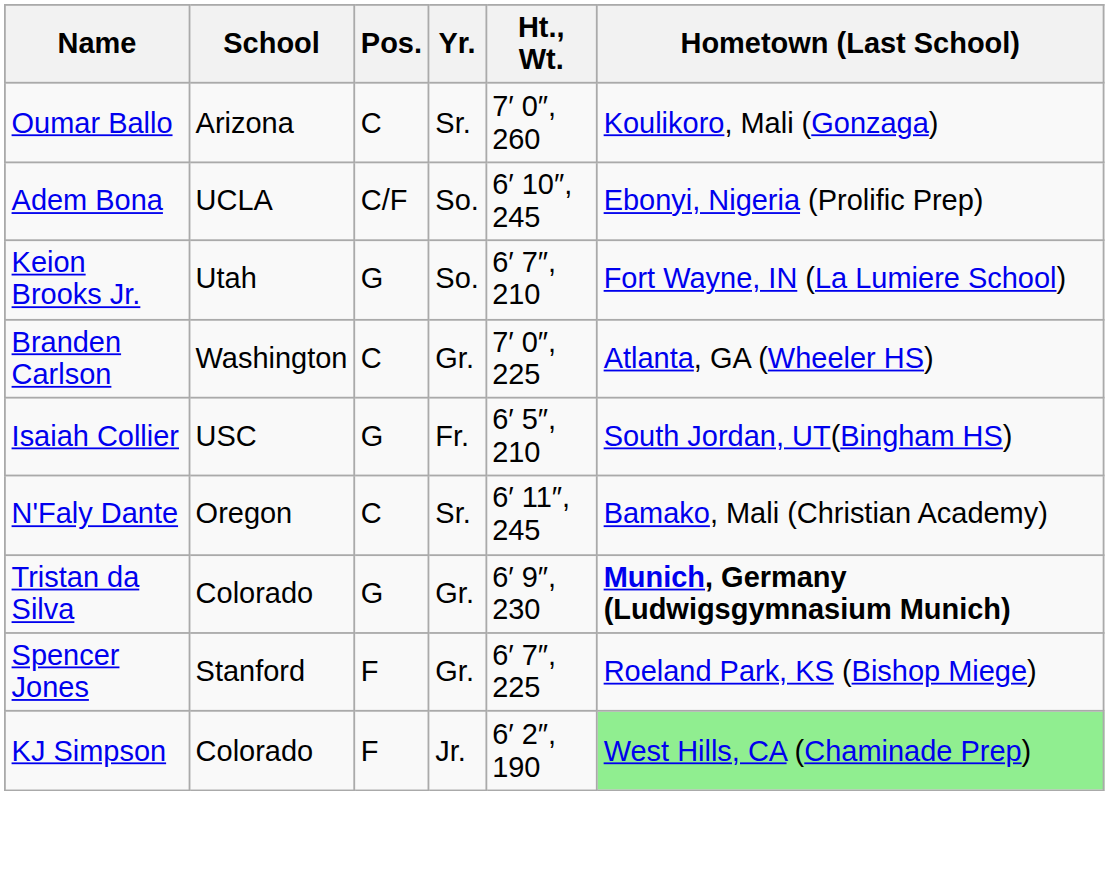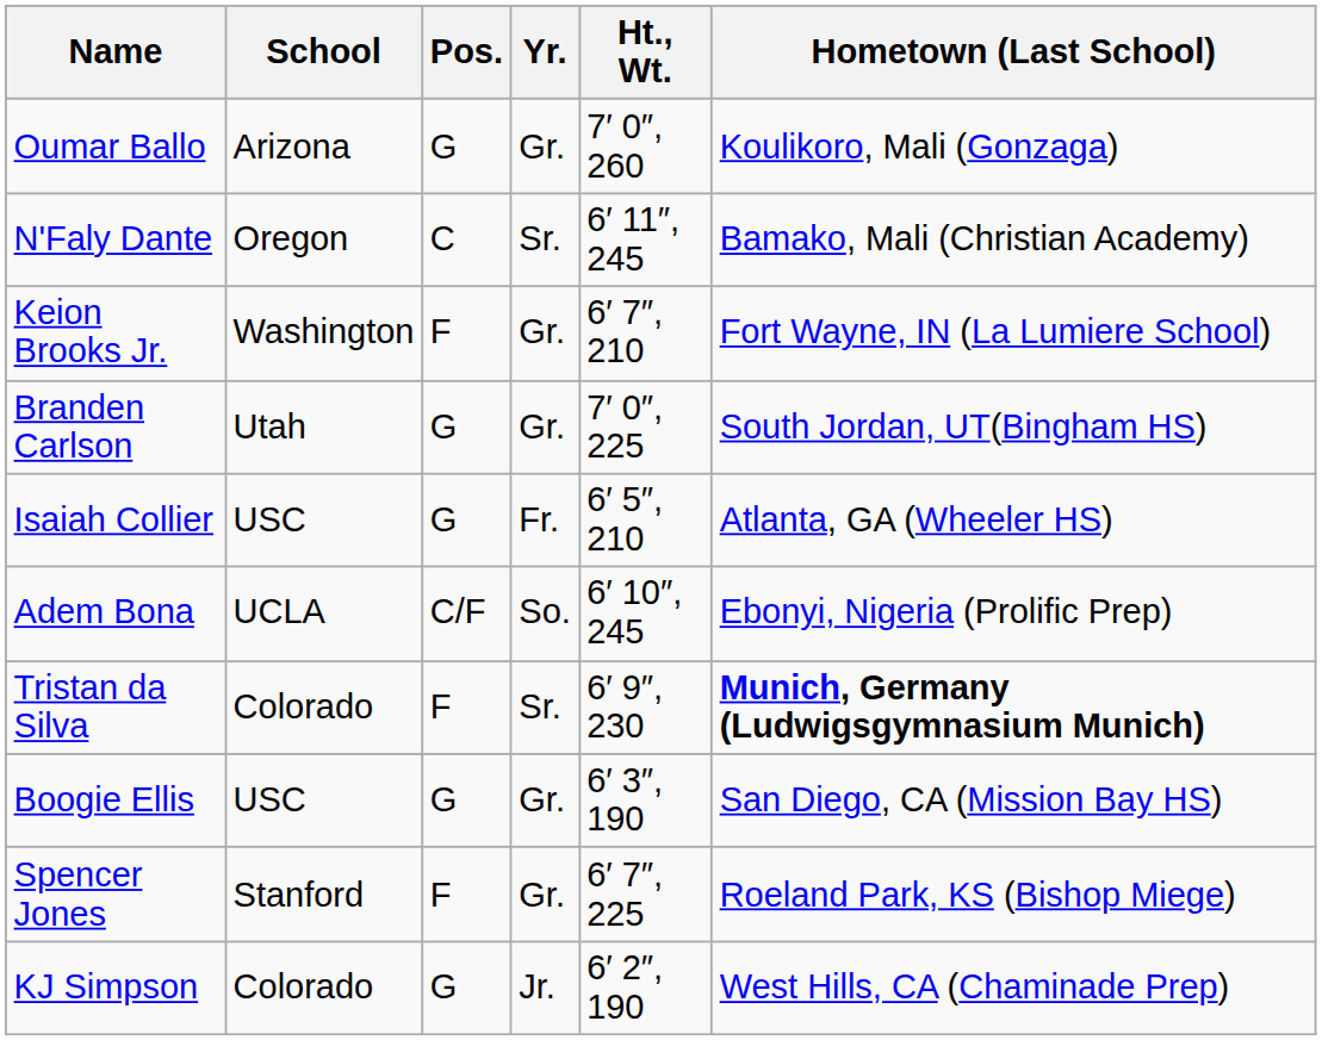 <table class="wikitable">
 <tr>
 <th>Name</th>
 <th>School</th>
 <th>Pos.</th>
 <th>Yr.</th>
 <th>Ht., Wt.</th>
 <th>Hometown (Last School)</th>
 </tr>
 <tr>
 <td><a href='#'>Oumar Ballo</a></td>
 <td>Arizona</td>
-<td>C</td>
-<td> Sr.</td>
+<td>G</td>
+<td>Gr.</td>
 <td>7′ 0″, 260</td>
 <td><a href='#'>Koulikoro</a>, Mali (<a href='#'>Gonzaga</a>)</td>
+</tr>
+<tr>
+<td><a href='#'>N'Faly Dante</a></td>
+<td>Oregon</td>
+<td>C</td>
+<td>Sr.</td>
+<td>6′ 11″, 245</td>
+<td><a href='#'>Bamako</a>, Mali (Christian Academy)</td>
+</tr>
+<tr>
+<td><a href='#'>Keion Brooks Jr.</a></td>
+<td>Washington</td>
+<td>F</td>
+<td>Gr.</td>
+<td>6′ 7″, 210</td>
+<td><a href='#'>Fort Wayne, IN</a> (<a href='#'>La Lumiere School</a>)</td>
+</tr>
+<tr>
+<td><a href='#'>Branden Carlson</a></td>
+<td style=>Utah</td>
+<td>G</td>
+<td>Gr.</td>
+<td>7′ 0″, 225</td>
+<td><a href='#'>South Jordan, UT</a>(<a href='#'>Bingham HS</a>)</td>
+</tr>
+<tr>
+<td><a href='#'>Isaiah Collier</a></td>
+<td>USC</td>
+<td>G</td>
+<td>Fr.</td>
+<td>6′ 5″, 210</td>
+<td><a href='#'>Atlanta</a>, GA (<a href='#'>Wheeler HS</a>)</td>
 </tr>
 <tr>
 <td><a href='#'>Adem Bona</a></td>
 <td>UCLA</td>
 <td>C/F</td>
 <td>So.</td>
 <td>6′ 10″, 245</td>
 <td><a href='#'>Ebonyi, Nigeria</a> (Prolific Prep)</td>
 </tr>
 <tr>
-<td><a href='#'>Keion Brooks Jr.</a></td>
-<td style=>Utah</td>
-<td>G</td>
-<td>So.</td>
-<td>6′ 7″, 210</td>
-<td><a href='#'>Fort Wayne, IN</a> (<a href='#'>La Lumiere School</a>)</td>
+<td><a href='#'>Tristan da Silva</a></td>
+<td>Colorado</td>
+<td>F</td>
+<td>Sr.</td>
+<td>6′ 9″, 230</td>
+<td><strong><a href='#'>Munich</a>, Germany (Ludwigsgymnasium Munich)</strong></td>
 </tr>
 <tr>
-<td><a href='#'>Branden Carlson</a></td>
-<td>Washington</td>
-<td>C</td>
-<td>Gr.</td>
-<td>7′ 0″, 225</td>
-<td><a href='#'>Atlanta</a>, GA (<a href='#'>Wheeler HS</a>)</td>
-</tr>
-<tr>
-<td><a href='#'>Isaiah Collier</a></td>
+<td><a href='#'>Boogie Ellis</a></td>
 <td>USC</td>
 <td>G</td>
-<td>Fr.</td>
-<td>6′ 5″, 210</td>
-<td><a href='#'>South Jordan, UT</a>(<a href='#'>Bingham HS</a>)</td>
-</tr>
-<tr>
-<td><a href='#'>N'Faly Dante</a></td>
-<td>Oregon</td>
-<td>C</td>
-<td>Sr.</td>
-<td>6′ 11″, 245</td>
-<td><a href='#'>Bamako</a>, Mali (Christian Academy)</td>
-</tr>
-<tr>
-<td><a href='#'>Tristan da Silva</a></td>
-<td>Colorado</td>
-<td>G</td>
 <td>Gr.</td>
-<td>6′ 9″, 230</td>
-<td><strong><a href='#'>Munich</a>, Germany (Ludwigsgymnasium Munich)</strong></td>
+<td>6′ 3″, 190</td>
+<td><a href='#'>San Diego</a>, CA (<a href='#'>Mission Bay HS</a>)</td>
 </tr>
 <tr>
 <td><a href='#'>Spencer Jones</a></td>
 <td>Stanford</td>
 <td>F</td>
 <td>Gr.</td>
 <td>6′ 7″, 225</td>
 <td><a href='#'>Roeland Park, KS</a> (<a href='#'>Bishop Miege</a>)</td>
 </tr>
 <tr>
 <td><a href='#'>KJ Simpson</a></td>
 <td>Colorado</td>
-<td>F</td>
+<td>G</td>
 <td>Jr.</td>
 <td>6′ 2″, 190</td>
-<td style="background: lightgreen;"><a href='#'>West Hills, CA</a> (<a href='#'>Chaminade Prep</a>)</td>
+<td><a href='#'>West Hills, CA</a> (<a href='#'>Chaminade Prep</a>)</td>
 </tr>
 </table>
